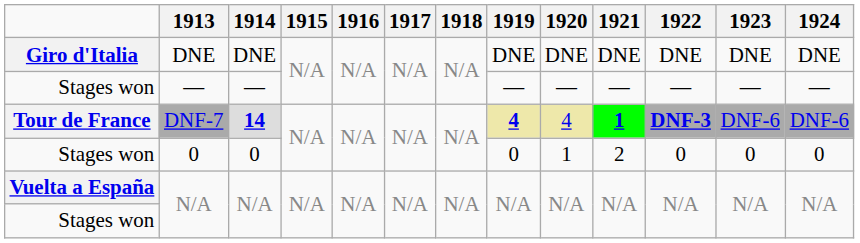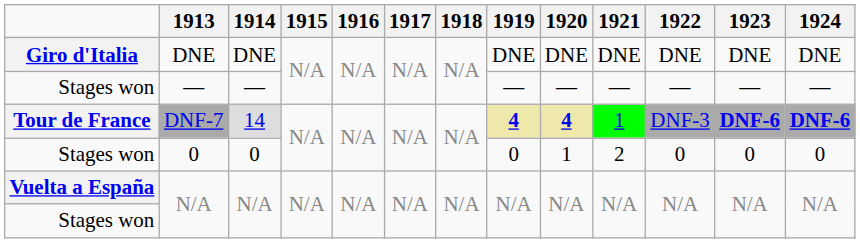 <table class="wikitable">
 <tr>
 <td></td>
 <th scope="col">1913</th>
 <th scope="col">1914</th>
 <th scope="col">1915</th>
 <th scope="col">1916</th>
 <th scope="col">1917</th>
 <th scope="col">1918</th>
 <th scope="col">1919</th>
 <th scope="col">1920</th>
 <th scope="col">1921</th>
 <th scope="col">1922</th>
 <th scope="col">1923</th>
 <th scope="col">1924</th>
 </tr>
 <tr>
 <th scope="row"><a href='#'>Giro d'Italia</a></th>
 <td align="center">DNE</td>
 <td align="center">DNE</td>
 <td rowspan=2 align="center" style="color:#888888;">N/A</td>
 <td rowspan=2 align="center" style="color:#888888;">N/A</td>
 <td rowspan=2 align="center" style="color:#888888;">N/A</td>
 <td rowspan=2 align="center" style="color:#888888;">N/A</td>
 <td align="center">DNE</td>
 <td align="center">DNE</td>
 <td align="center">DNE</td>
 <td align="center">DNE</td>
 <td align="center">DNE</td>
 <td align="center">DNE</td>
 </tr>
 <tr>
 <td align="right">Stages won</td>
 <td align="center">—</td>
 <td align="center">—</td>
 <td align="center">—</td>
 <td align="center">—</td>
 <td align="center">—</td>
 <td align="center">—</td>
 <td align="center">—</td>
 <td align="center">—</td>
 </tr>
 <tr>
 <th scope="row"><a href='#'>Tour de France</a></th>
 <td align="center" style="background:#AAAAAA;"><a href='#'>DNF-7</a></td>
-<td align="center" style="background:#DDDDDD;"><strong><a href='#'>14</a></strong></td>
+<td align="center" style="background:#DDDDDD;"><a href='#'>14</a></td>
 <td rowspan=2 align="center" style="color:#888888;">N/A</td>
 <td rowspan=2 align="center" style="color:#888888;">N/A</td>
 <td rowspan=2 align="center" style="color:#888888;">N/A</td>
 <td rowspan=2 align="center" style="color:#888888;">N/A</td>
 <td align="center" style="background:#EEE8AA;"><strong><a href='#'>4</a></strong></td>
-<td align="center" style="background:#EEE8AA;"><a href='#'>4</a></td>
-<td align="center" style="background:#00ff00;"><strong><a href='#'>1</a></strong></td>
-<td align="center" style="background:#AAAAAA;"><strong><a href='#'>DNF-3</a></strong></td>
-<td align="center" style="background:#AAAAAA;"><a href='#'>DNF-6</a></td>
-<td align="center" style="background:#AAAAAA;"><a href='#'>DNF-6</a></td>
+<td align="center" style="background:#EEE8AA;"><strong><a href='#'>4</a></strong></td>
+<td align="center" style="background:#00ff00;"><a href='#'>1</a></td>
+<td align="center" style="background:#AAAAAA;"><a href='#'>DNF-3</a></td>
+<td align="center" style="background:#AAAAAA;"><strong><a href='#'>DNF-6</a></strong></td>
+<td align="center" style="background:#AAAAAA;"><strong><a href='#'>DNF-6</a></strong></td>
 </tr>
 <tr>
 <td align="right">Stages won</td>
 <td align="center">0</td>
 <td align="center">0</td>
 <td align="center">0</td>
 <td align="center">1</td>
 <td align="center">2</td>
 <td align="center">0</td>
 <td align="center">0</td>
 <td align="center">0</td>
 </tr>
 <tr>
 <th scope="row"><a href='#'>Vuelta a España</a></th>
 <td rowspan=2 align="center" style="color:#888888;">N/A</td>
 <td rowspan=2 align="center" style="color:#888888;">N/A</td>
 <td rowspan=2 align="center" style="color:#888888;">N/A</td>
 <td rowspan=2 align="center" style="color:#888888;">N/A</td>
 <td rowspan=2 align="center" style="color:#888888;">N/A</td>
 <td rowspan=2 align="center" style="color:#888888;">N/A</td>
 <td rowspan=2 align="center" style="color:#888888;">N/A</td>
 <td rowspan=2 align="center" style="color:#888888;">N/A</td>
 <td rowspan=2 align="center" style="color:#888888;">N/A</td>
 <td rowspan=2 align="center" style="color:#888888;">N/A</td>
 <td rowspan=2 align="center" style="color:#888888;">N/A</td>
 <td rowspan=2 align="center" style="color:#888888;">N/A</td>
 </tr>
 <tr>
 <td align="right">Stages won</td>
 </tr>
 </table>
